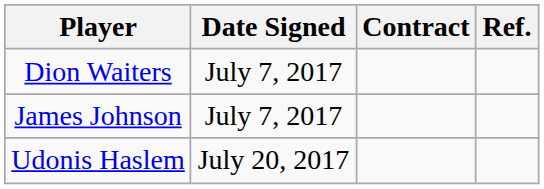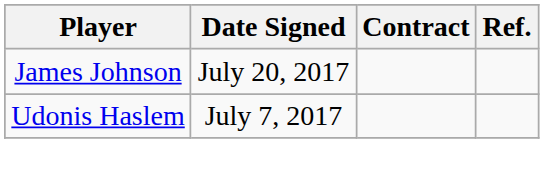 <table class="wikitable sortable sortable" style="text-align: center;">
 <tr>
 <th>Player</th>
 <th>Date Signed</th>
 <th>Contract</th>
 <th>Ref.</th>
 </tr>
 <tr>
-<td><a href='#'>Dion Waiters</a></td>
-<td>July 7, 2017</td>
-<td></td>
-<td></td>
-</tr>
-<tr>
 <td><a href='#'>James Johnson</a></td>
-<td>July 7, 2017</td>
+<td>July 20, 2017</td>
 <td></td>
 <td></td>
 </tr>
 <tr>
 <td><a href='#'>Udonis Haslem</a></td>
-<td>July 20, 2017</td>
+<td>July 7, 2017</td>
 <td></td>
 <td></td>
 </tr>
 </table>
